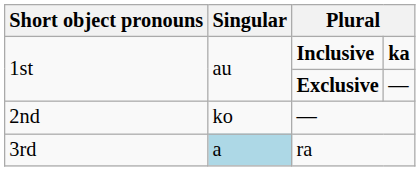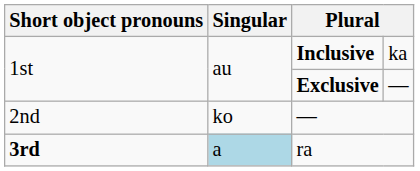 <table class="wikitable">
 <tr>
 <th>Short object pronouns</th>
 <th>Singular</th>
 <th colspan="2">Plural</th>
 </tr>
 <tr>
 <td rowspan="2">1st</td>
 <td rowspan="2">au</td>
 <td><strong>Inclusive</strong></td>
-<td><strong>ka</strong></td>
+<td>ka</td>
 </tr>
 <tr>
 <td><strong>Exclusive</strong></td>
 <td>—</td>
 </tr>
 <tr>
 <td>2nd</td>
 <td>ko</td>
 <td colspan="2">—</td>
 </tr>
 <tr>
-<td>3rd</td>
+<td><strong>3rd</strong></td>
 <td style="background: lightblue;">a</td>
 <td colspan="2">ra</td>
 </tr>
 </table>
